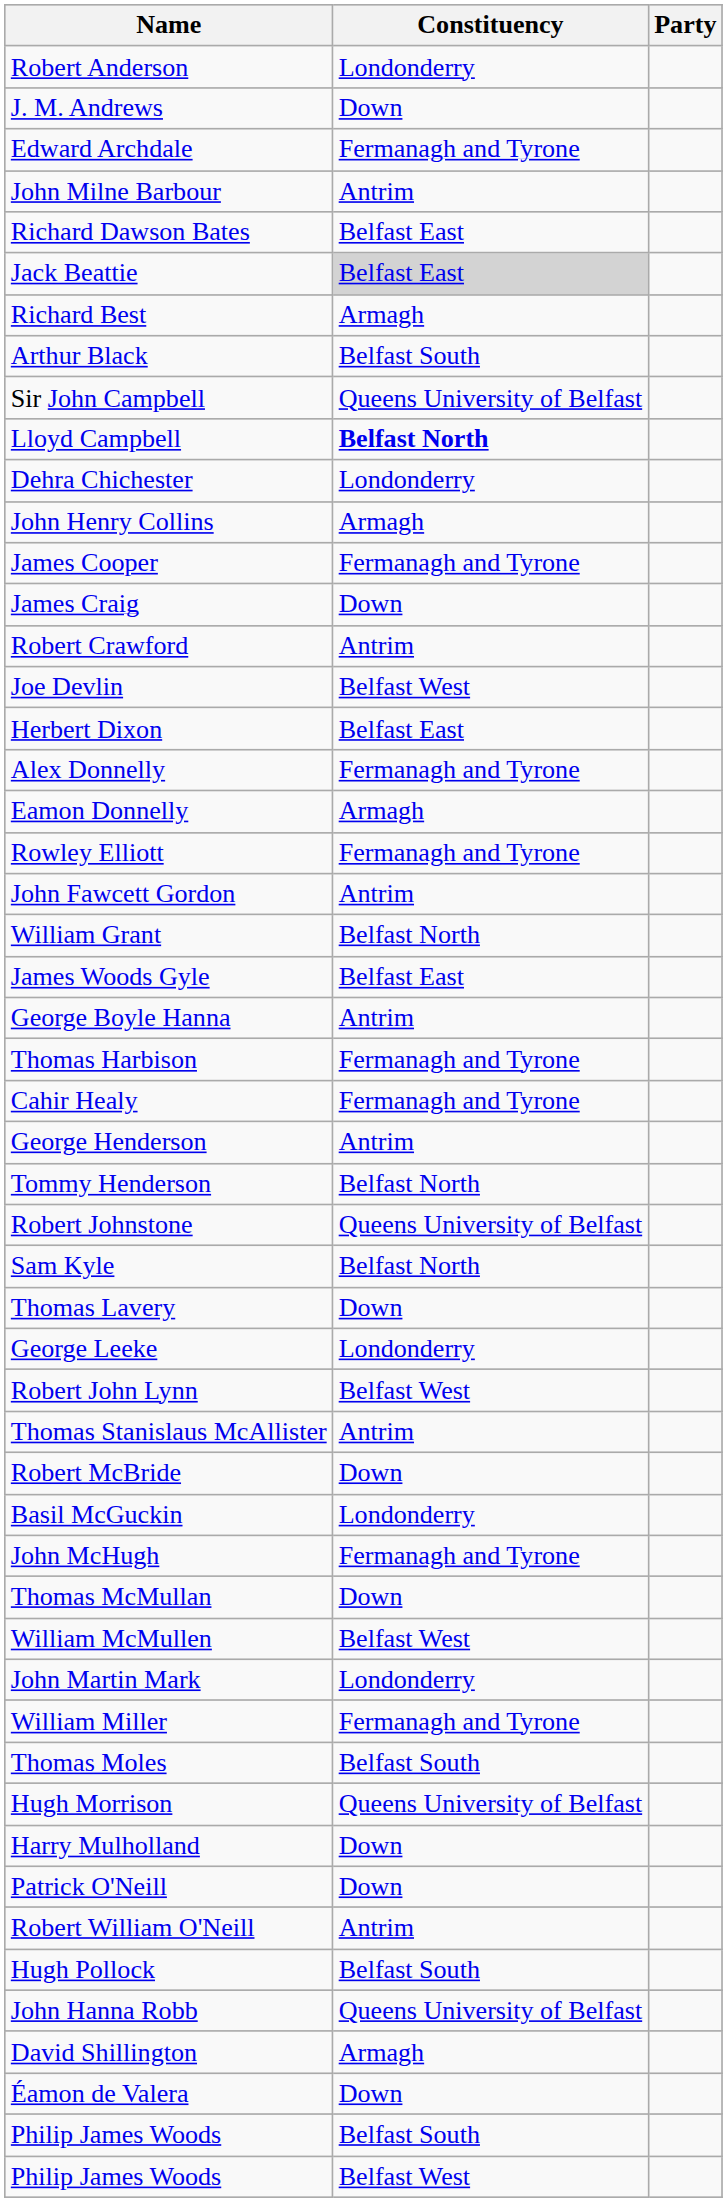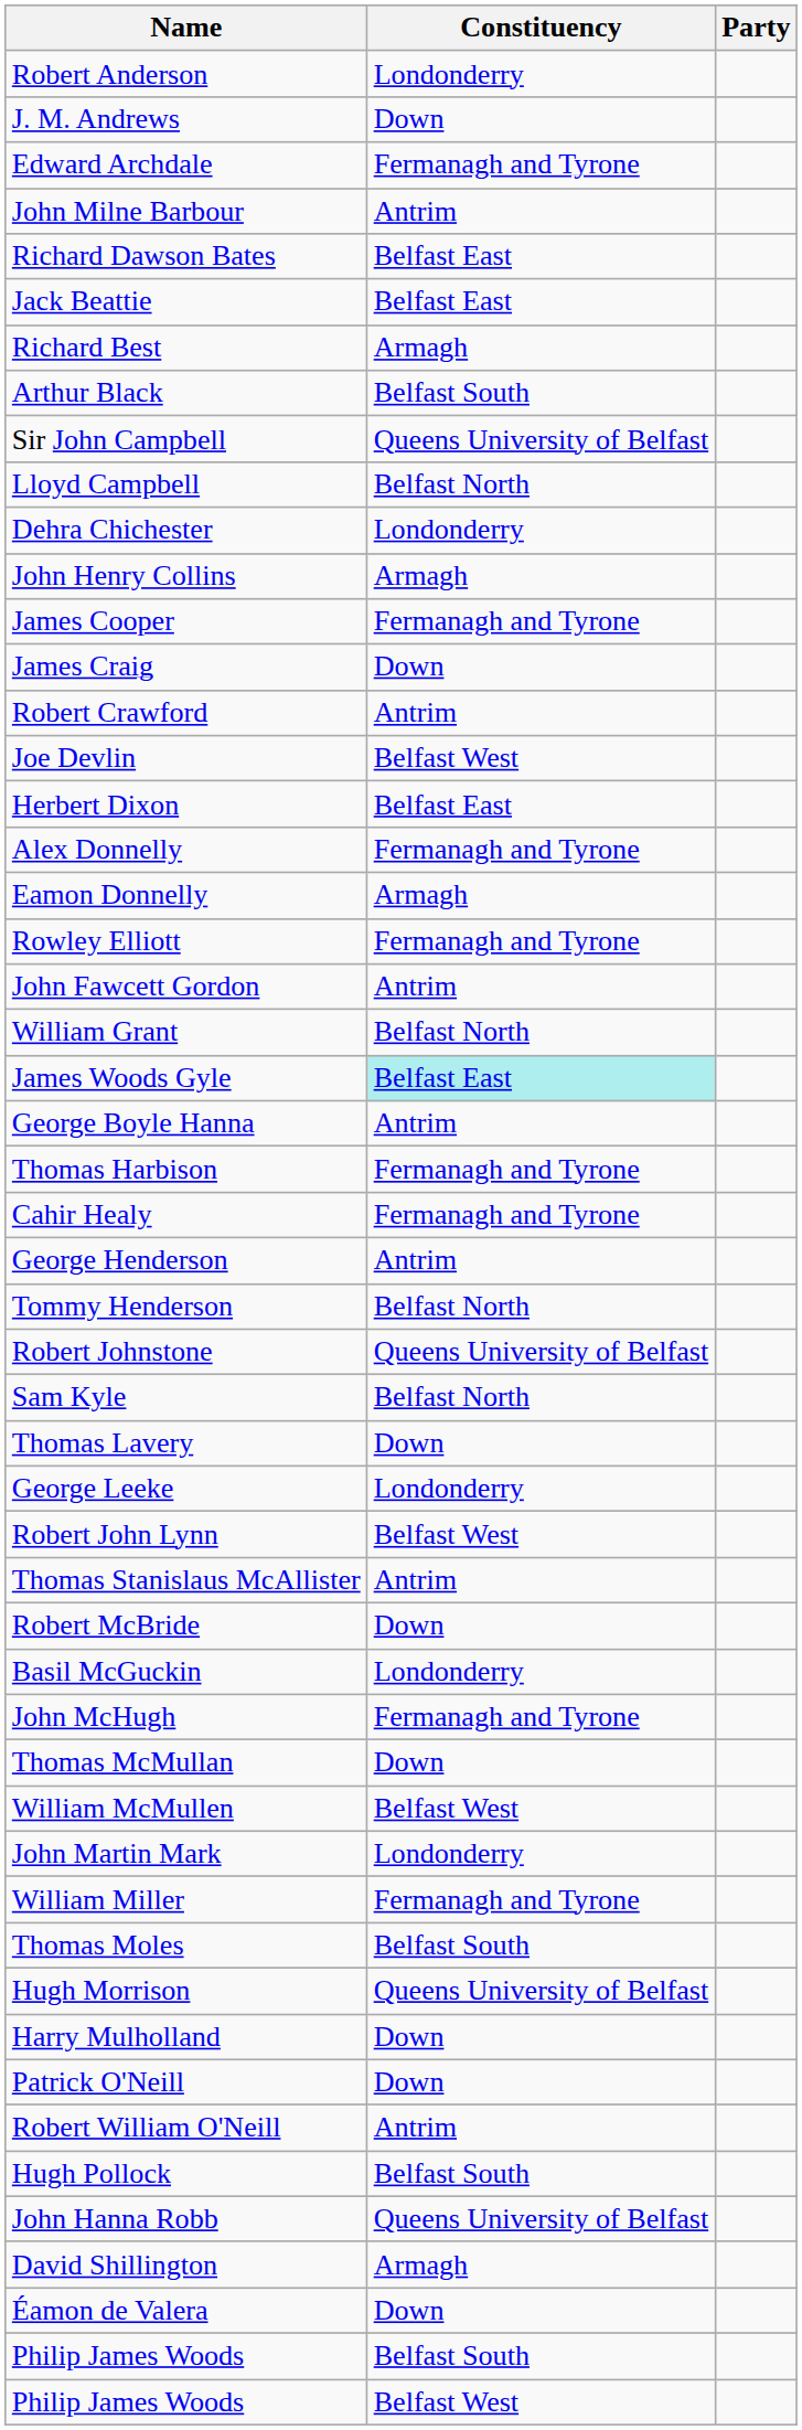 <table class="wikitable sortable">
 <tr>
 <th>Name</th>
 <th>Constituency</th>
 <th colspan=2>Party</th>
 </tr>
 <tr>
 <td><a href='#'>Robert Anderson</a></td>
 <td><a href='#'>Londonderry</a></td>
 <td></td>
 </tr>
 <tr>
 <td><a href='#'>J. M. Andrews</a></td>
 <td><a href='#'>Down</a></td>
 <td></td>
 </tr>
 <tr>
 <td><a href='#'>Edward Archdale</a></td>
 <td><a href='#'>Fermanagh and Tyrone</a></td>
 <td></td>
 </tr>
 <tr>
 <td><a href='#'>John Milne Barbour</a></td>
 <td><a href='#'>Antrim</a></td>
 <td></td>
 </tr>
 <tr>
 <td><a href='#'>Richard Dawson Bates</a></td>
 <td><a href='#'>Belfast East</a></td>
 <td></td>
 </tr>
 <tr>
 <td><a href='#'>Jack Beattie</a></td>
-<td style="background: lightgrey;"><a href='#'>Belfast East</a></td>
+<td><a href='#'>Belfast East</a></td>
 <td></td>
 </tr>
 <tr>
 <td><a href='#'>Richard Best</a></td>
 <td><a href='#'>Armagh</a></td>
 <td></td>
 </tr>
 <tr>
 <td><a href='#'>Arthur Black</a></td>
 <td><a href='#'>Belfast South</a></td>
 <td></td>
 </tr>
 <tr>
 <td>Sir <a href='#'>John Campbell</a></td>
 <td><a href='#'>Queens University of Belfast</a></td>
 <td></td>
 </tr>
 <tr>
 <td><a href='#'>Lloyd Campbell</a></td>
-<td><strong><a href='#'>Belfast North</a></strong></td>
+<td><a href='#'>Belfast North</a></td>
 <td></td>
 </tr>
 <tr>
 <td><a href='#'>Dehra Chichester</a></td>
 <td><a href='#'>Londonderry</a></td>
 <td></td>
 </tr>
 <tr>
 <td><a href='#'>John Henry Collins</a></td>
 <td><a href='#'>Armagh</a></td>
 <td></td>
 </tr>
 <tr>
 <td><a href='#'>James Cooper</a></td>
 <td><a href='#'>Fermanagh and Tyrone</a></td>
 <td></td>
 </tr>
 <tr>
 <td><a href='#'>James Craig</a></td>
 <td><a href='#'>Down</a></td>
 <td></td>
 </tr>
 <tr>
 <td><a href='#'>Robert Crawford</a></td>
 <td><a href='#'>Antrim</a></td>
 <td></td>
 </tr>
 <tr>
 <td><a href='#'>Joe Devlin</a></td>
 <td><a href='#'>Belfast West</a></td>
 <td></td>
 </tr>
 <tr>
 <td><a href='#'>Herbert Dixon</a></td>
 <td><a href='#'>Belfast East</a></td>
 <td></td>
 </tr>
 <tr>
 <td><a href='#'>Alex Donnelly</a></td>
 <td><a href='#'>Fermanagh and Tyrone</a></td>
 <td></td>
 </tr>
 <tr>
 <td><a href='#'>Eamon Donnelly</a></td>
 <td><a href='#'>Armagh</a></td>
 <td></td>
 </tr>
 <tr>
 <td><a href='#'>Rowley Elliott</a></td>
 <td><a href='#'>Fermanagh and Tyrone</a></td>
 <td></td>
 </tr>
 <tr>
 <td><a href='#'>John Fawcett Gordon</a></td>
 <td><a href='#'>Antrim</a></td>
 <td></td>
 </tr>
 <tr>
 <td><a href='#'>William Grant</a></td>
 <td><a href='#'>Belfast North</a></td>
 <td></td>
 </tr>
 <tr>
 <td><a href='#'>James Woods Gyle</a></td>
-<td><a href='#'>Belfast East</a></td>
+<td style="background: paleturquoise;"><a href='#'>Belfast East</a></td>
 <td></td>
 </tr>
 <tr>
 <td><a href='#'>George Boyle Hanna</a></td>
 <td><a href='#'>Antrim</a></td>
 <td></td>
 </tr>
 <tr>
 <td><a href='#'>Thomas Harbison</a></td>
 <td><a href='#'>Fermanagh and Tyrone</a></td>
 <td></td>
 </tr>
 <tr>
 <td><a href='#'>Cahir Healy</a></td>
 <td><a href='#'>Fermanagh and Tyrone</a></td>
 <td></td>
 </tr>
 <tr>
 <td><a href='#'>George Henderson</a></td>
 <td><a href='#'>Antrim</a></td>
 <td></td>
 </tr>
 <tr>
 <td><a href='#'>Tommy Henderson</a></td>
 <td><a href='#'>Belfast North</a></td>
 <td></td>
 </tr>
 <tr>
 <td><a href='#'>Robert Johnstone</a></td>
 <td><a href='#'>Queens University of Belfast</a></td>
 <td></td>
 </tr>
 <tr>
 <td><a href='#'>Sam Kyle</a></td>
 <td><a href='#'>Belfast North</a></td>
 <td></td>
 </tr>
 <tr>
 <td><a href='#'>Thomas Lavery</a></td>
 <td><a href='#'>Down</a></td>
 <td></td>
 </tr>
 <tr>
 <td><a href='#'>George Leeke</a></td>
 <td><a href='#'>Londonderry</a></td>
 <td></td>
 </tr>
 <tr>
 <td><a href='#'>Robert John Lynn</a></td>
 <td><a href='#'>Belfast West</a></td>
 <td></td>
 </tr>
 <tr>
 <td><a href='#'>Thomas Stanislaus McAllister</a></td>
 <td><a href='#'>Antrim</a></td>
 <td></td>
 </tr>
 <tr>
 <td><a href='#'>Robert McBride</a></td>
 <td><a href='#'>Down</a></td>
 <td></td>
 </tr>
 <tr>
 <td><a href='#'>Basil McGuckin</a></td>
 <td><a href='#'>Londonderry</a></td>
 <td></td>
 </tr>
 <tr>
 <td><a href='#'>John McHugh</a></td>
 <td><a href='#'>Fermanagh and Tyrone</a></td>
 <td></td>
 </tr>
 <tr>
 <td><a href='#'>Thomas McMullan</a></td>
 <td><a href='#'>Down</a></td>
 <td></td>
 </tr>
 <tr>
 <td><a href='#'>William McMullen</a></td>
 <td><a href='#'>Belfast West</a></td>
 <td></td>
 </tr>
 <tr>
 <td><a href='#'>John Martin Mark</a></td>
 <td><a href='#'>Londonderry</a></td>
 <td></td>
 </tr>
 <tr>
 <td><a href='#'>William Miller</a></td>
 <td><a href='#'>Fermanagh and Tyrone</a></td>
 <td></td>
 </tr>
 <tr>
 <td><a href='#'>Thomas Moles</a></td>
 <td><a href='#'>Belfast South</a></td>
 <td></td>
 </tr>
 <tr>
 <td><a href='#'>Hugh Morrison</a></td>
 <td><a href='#'>Queens University of Belfast</a></td>
 <td></td>
 </tr>
 <tr>
 <td><a href='#'>Harry Mulholland</a></td>
 <td><a href='#'>Down</a></td>
 <td></td>
 </tr>
 <tr>
 <td><a href='#'>Patrick O'Neill</a></td>
 <td><a href='#'>Down</a></td>
 <td></td>
 </tr>
 <tr>
 <td><a href='#'>Robert William O'Neill</a></td>
 <td><a href='#'>Antrim</a></td>
 <td></td>
 </tr>
 <tr>
 <td><a href='#'>Hugh Pollock</a></td>
 <td><a href='#'>Belfast South</a></td>
 <td></td>
 </tr>
 <tr>
 <td><a href='#'>John Hanna Robb</a></td>
 <td><a href='#'>Queens University of Belfast</a></td>
 <td></td>
 </tr>
 <tr>
 <td><a href='#'>David Shillington</a></td>
 <td><a href='#'>Armagh</a></td>
 <td></td>
 </tr>
 <tr>
 <td><a href='#'>Éamon de Valera</a></td>
 <td><a href='#'>Down</a></td>
 <td></td>
 </tr>
 <tr>
 <td><a href='#'>Philip James Woods</a> </td>
 <td><a href='#'>Belfast South</a></td>
 <td></td>
 </tr>
 <tr>
 <td><a href='#'>Philip James Woods</a> </td>
 <td><a href='#'>Belfast West</a></td>
 <td></td>
 </tr>
 </table>
